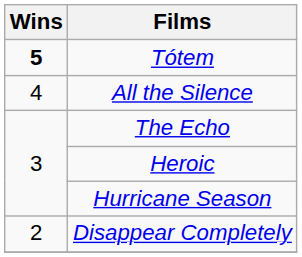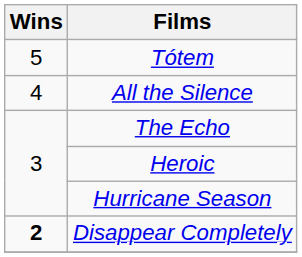 <table class="sortable wikitable" style="text-align:center">
 <tr>
 <th>Wins</th>
 <th>Films</th>
 </tr>
 <tr>
-<td><strong>5</strong></td>
+<td>5</td>
 <td><em><a href='#'>Tótem</a></em></td>
 </tr>
 <tr>
 <td>4</td>
 <td><em><a href='#'>All the Silence</a></em></td>
 </tr>
 <tr>
 <td rowspan="3">3</td>
 <td><em><a href='#'>The Echo</a></em></td>
 </tr>
 <tr>
 <td><em><a href='#'>Heroic</a></em></td>
 </tr>
 <tr>
 <td><em><a href='#'>Hurricane Season</a></em></td>
 </tr>
 <tr>
-<td>2</td>
+<td><strong>2</strong></td>
 <td><em><a href='#'>Disappear Completely</a></em></td>
 </tr>
 <tr>
 </tr>
 </table>
